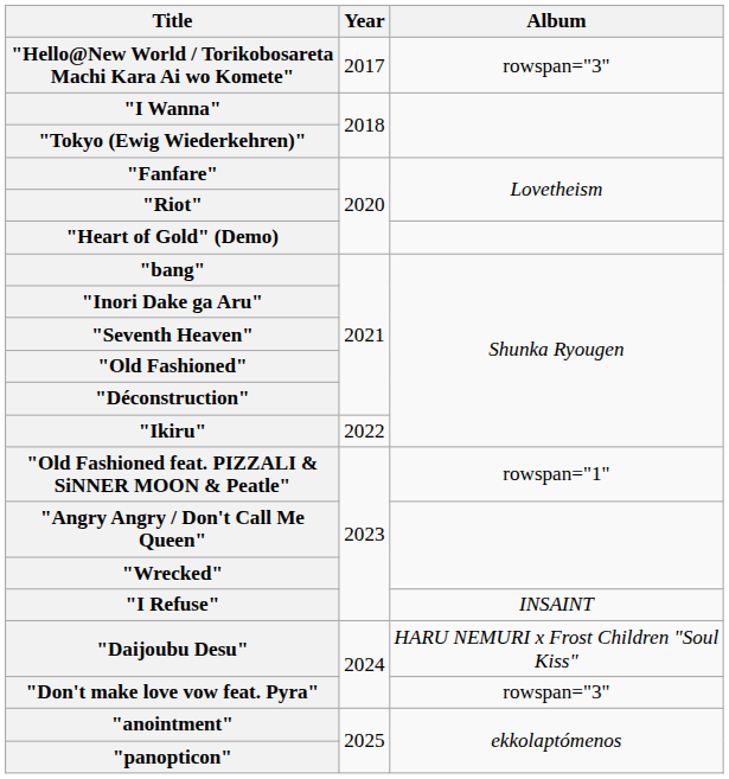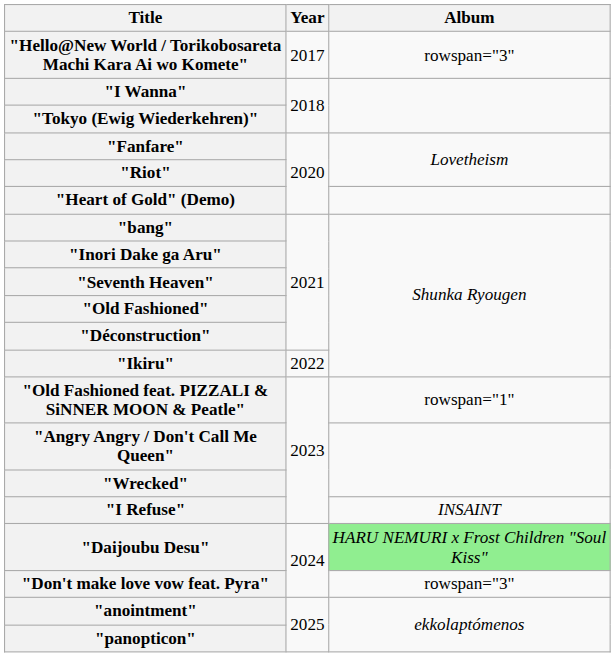 <table class="wikitable plainrowheaders" style="text-align:center;">
 <tr>
 <th style="width:16em;">Title</th>
 <th>Year</th>
 <th style="width:16em;">Album</th>
 </tr>
 <tr>
 <th scope="row">"Hello@New World / Torikobosareta Machi Kara Ai wo Komete"</th>
 <td>2017</td>
 <td>rowspan="3" </td>
 </tr>
 <tr>
 <th scope="row">"I Wanna"</th>
 <td rowspan="2">2018</td>
 </tr>
 <tr>
 <th scope="row">"Tokyo (Ewig Wiederkehren)"</th>
 </tr>
 <tr>
 <th scope="row">"Fanfare"</th>
 <td rowspan="3">2020</td>
 <td rowspan="2"><em>Lovetheism</em></td>
 </tr>
 <tr>
 <th scope="row">"Riot"</th>
 </tr>
 <tr>
 <th scope="row">"Heart of Gold" (Demo)</th>
 <td></td>
 </tr>
 <tr>
 <th scope="row">"bang"</th>
 <td rowspan="5">2021</td>
 <td rowspan="6"><em>Shunka Ryougen</em></td>
 </tr>
 <tr>
 <th scope="row">"Inori Dake ga Aru"</th>
 </tr>
 <tr>
 <th scope="row">"Seventh Heaven"</th>
 </tr>
 <tr>
 <th scope="row">"Old Fashioned"</th>
 </tr>
 <tr>
 <th scope="row">"Déconstruction"</th>
 </tr>
 <tr>
 <th scope="row">"Ikiru"</th>
 <td>2022</td>
 </tr>
 <tr>
 <th scope="row">"Old Fashioned feat. PIZZALI & SiNNER MOON & Peatle"</th>
 <td rowspan="4">2023</td>
 <td>rowspan="1" </td>
 </tr>
 <tr>
 <th scope="row">"Angry Angry / Don't Call Me Queen" </th>
 </tr>
 <tr>
 <th scope="row">"Wrecked"</th>
 </tr>
 <tr>
 <th scope="row">"I Refuse"</th>
 <td rowspan="1"><em>INSAINT</em></td>
 </tr>
 <tr>
 <th scope="row">"Daijoubu Desu"</th>
 <td rowspan="2">2024</td>
-<td rowspan="1"><em>HARU NEMURI x Frost Children "Soul Kiss"</em></td>
+<td rowspan="1" style="background: lightgreen;"><em>HARU NEMURI x Frost Children "Soul Kiss"</em></td>
 </tr>
 <tr>
 <th scope="row">"Don't make love vow feat. Pyra"</th>
 <td>rowspan="3" </td>
 </tr>
 <tr>
 <th scope="row">"anointment"</th>
 <td rowspan="2">2025</td>
 <td rowspan="2"><em>ekkolaptómenos</em></td>
 </tr>
 <tr>
 <th scope="row">"panopticon"</th>
 </tr>
 </table>
